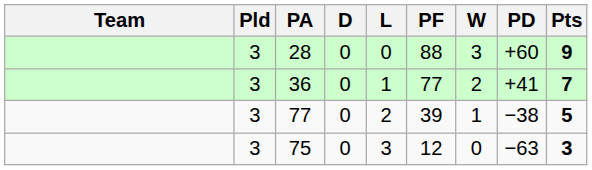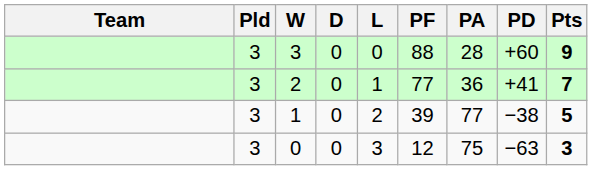 <table class="wikitable" style="text-align:center;">
 <tr>
 <th width=175>Team</th>
 <th width=25 abbr="Played">Pld</th>
-<th width=32 abbr="Points against">PA</th>
+<th width=25 abbr="Won">W</th>
 <th width=25 abbr="Drawn">D</th>
 <th width=25 abbr="Lost">L</th>
 <th width=32 abbr="Points for">PF</th>
-<th width=25 abbr="Won">W</th>
+<th width=32 abbr="Points against">PA</th>
 <th width=32 abbr="Points difference">PD</th>
 <th width=25 abbr="Points">Pts</th>
 </tr>
 <tr bgcolor=ccffcc>
 <td align=left></td>
 <td>3</td>
-<td>28</td>
+<td>3</td>
 <td>0</td>
 <td>0</td>
 <td>88</td>
-<td>3</td>
+<td>28</td>
 <td>+60</td>
 <td><strong>9</strong></td>
 </tr>
 <tr bgcolor=ccffcc>
 <td align=left></td>
 <td>3</td>
-<td>36</td>
+<td>2</td>
 <td>0</td>
 <td>1</td>
 <td>77</td>
-<td>2</td>
+<td>36</td>
 <td>+41</td>
 <td><strong>7</strong></td>
 </tr>
 <tr>
 <td align=left></td>
 <td>3</td>
-<td>77</td>
+<td>1</td>
 <td>0</td>
 <td>2</td>
 <td>39</td>
-<td>1</td>
+<td>77</td>
 <td>−38</td>
 <td><strong>5</strong></td>
 </tr>
 <tr>
 <td align=left></td>
 <td>3</td>
-<td>75</td>
+<td>0</td>
 <td>0</td>
 <td>3</td>
 <td>12</td>
-<td>0</td>
+<td>75</td>
 <td>−63</td>
 <td><strong>3</strong></td>
 </tr>
 </table>
